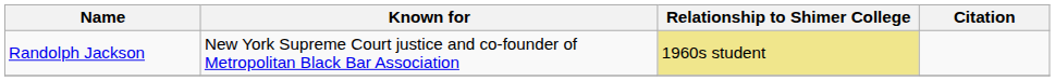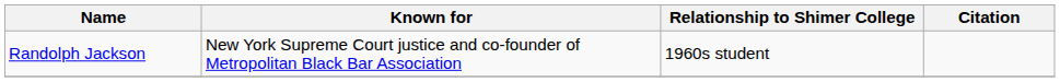 <table class="wikitable" width=80%>
 <tr>
 <th width=15%>Name</th>
 <th width = 35%>Known for</th>
 <th width = 20%>Relationship to Shimer College</th>
 <th width=10%>Citation</th>
 </tr>
 <tr>
 <td><a href='#'>Randolph Jackson</a></td>
 <td>New York Supreme Court justice and co-founder of <a href='#'>Metropolitan Black Bar Association</a></td>
-<td style="background: khaki;">1960s student</td>
+<td>1960s student</td>
 <td></td>
 </tr>
 <tr>
 </tr>
 </table>
